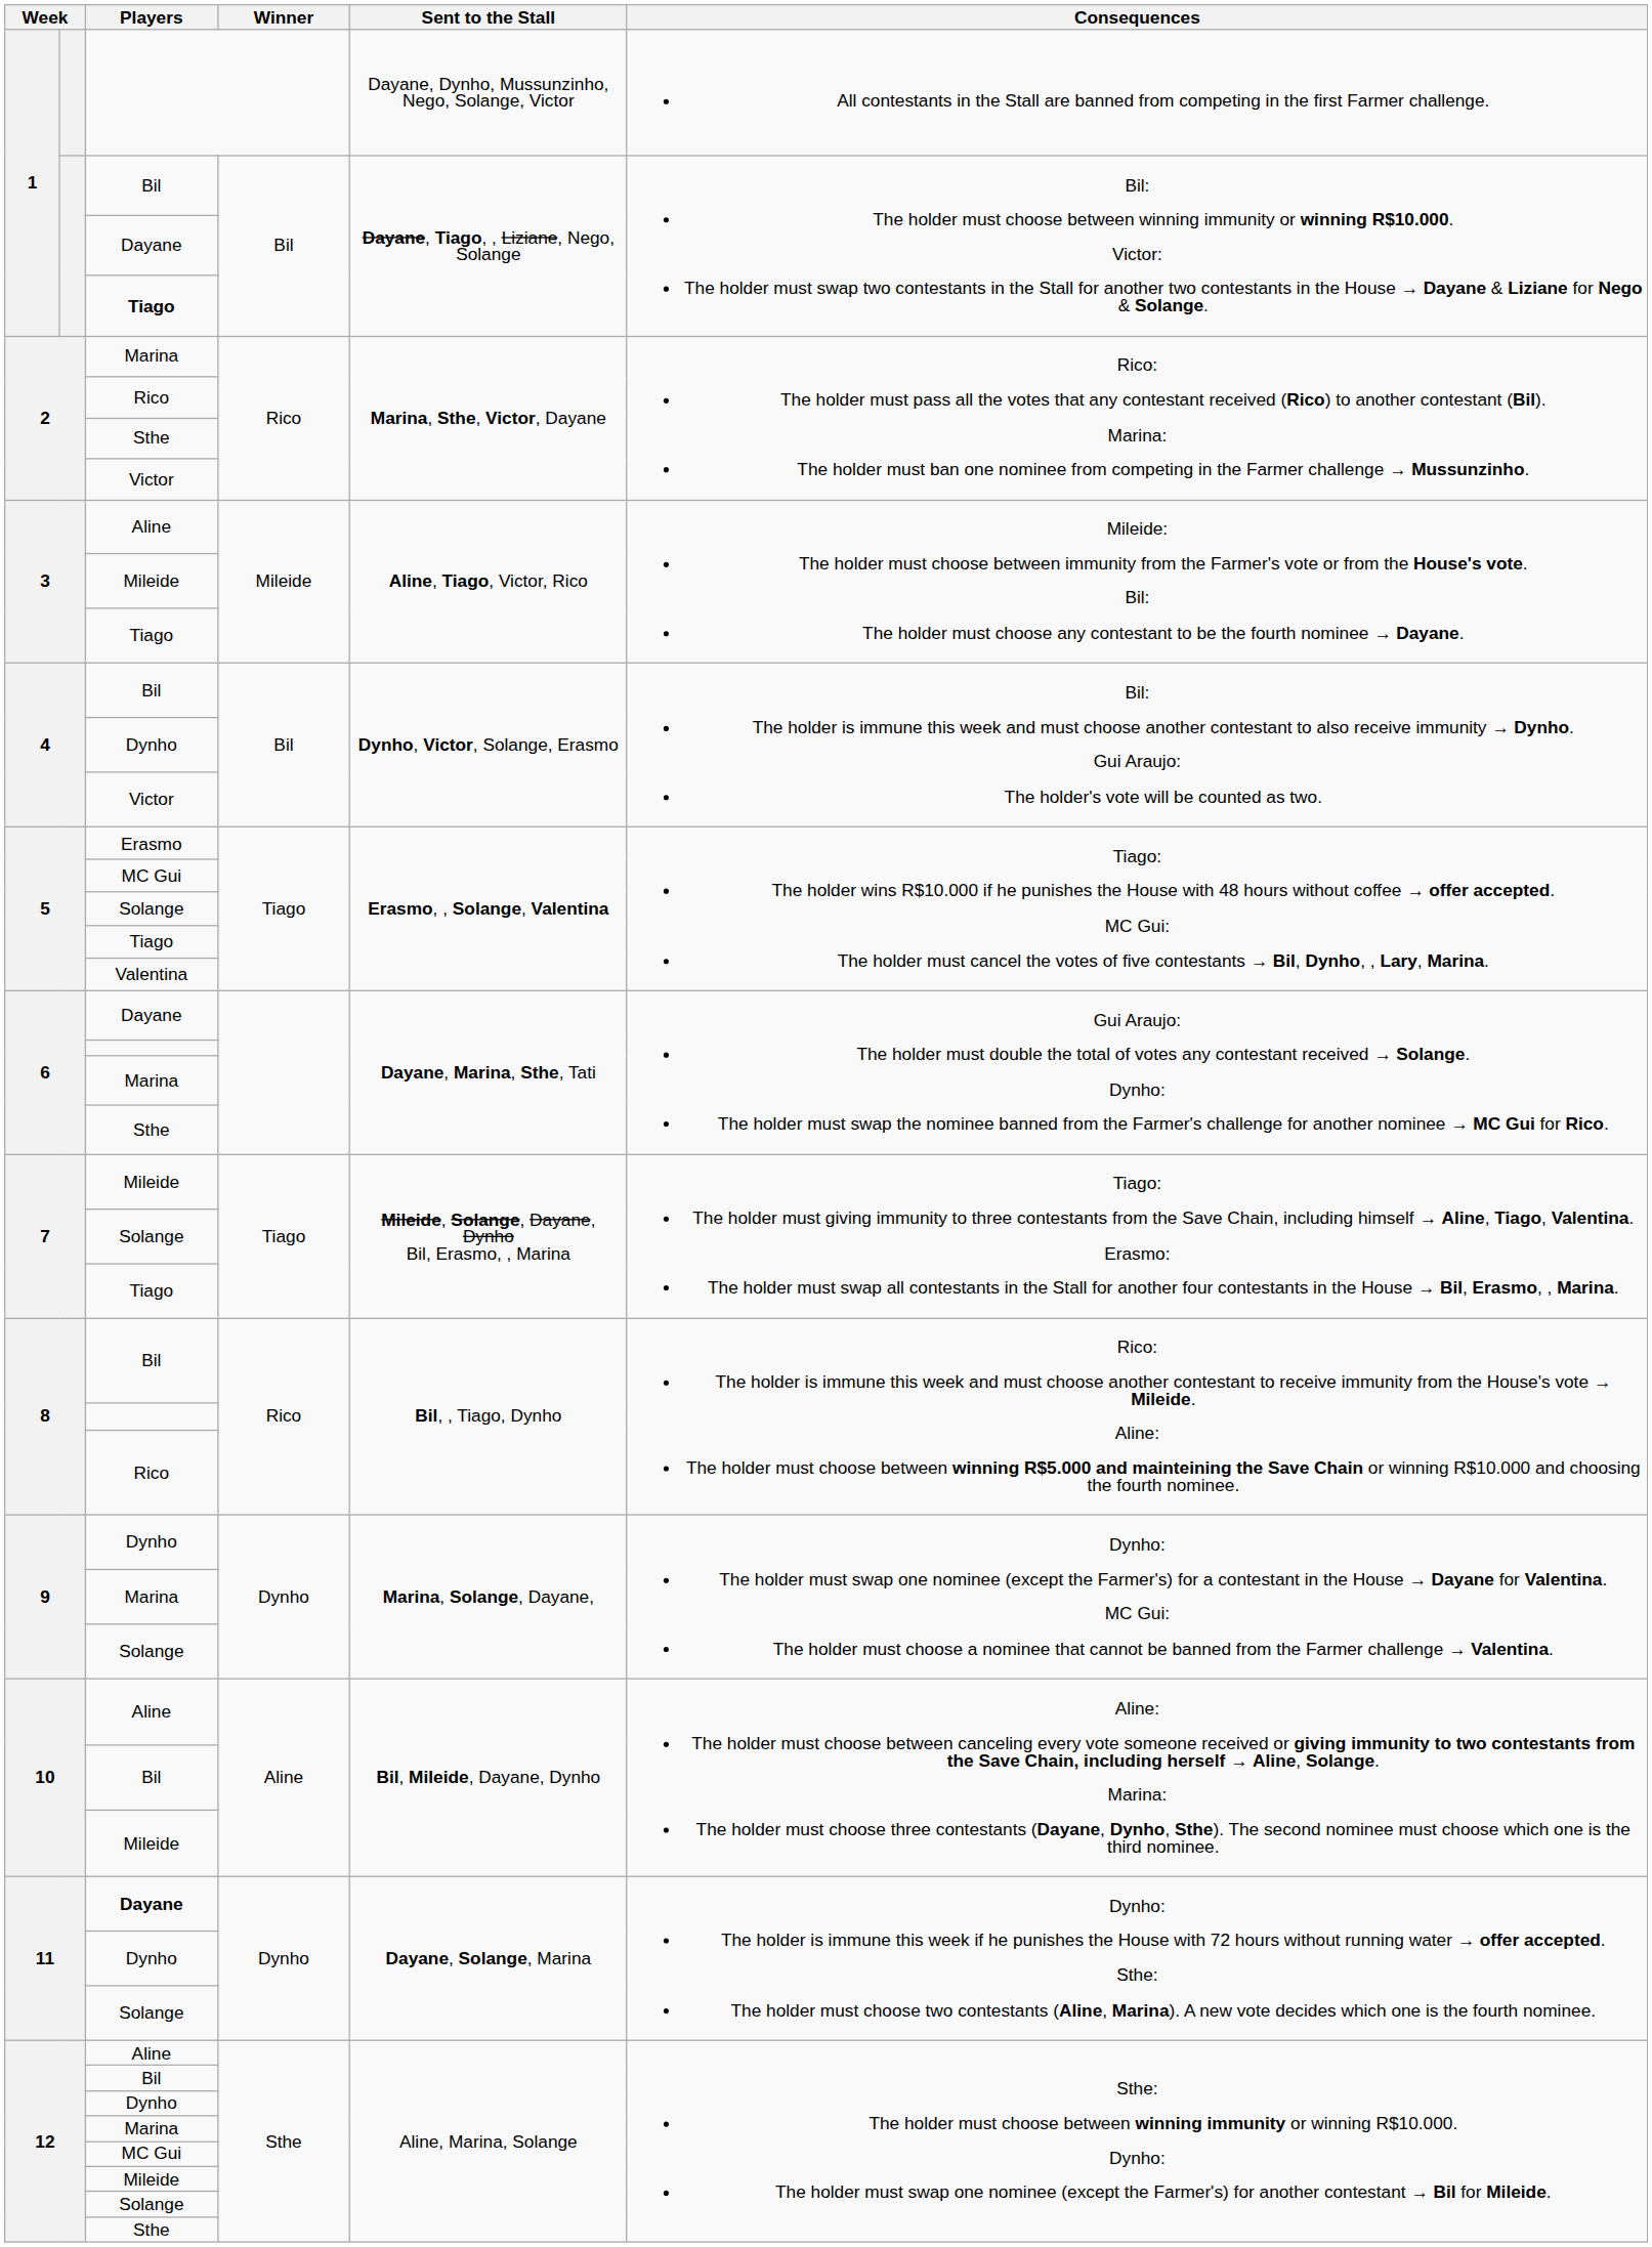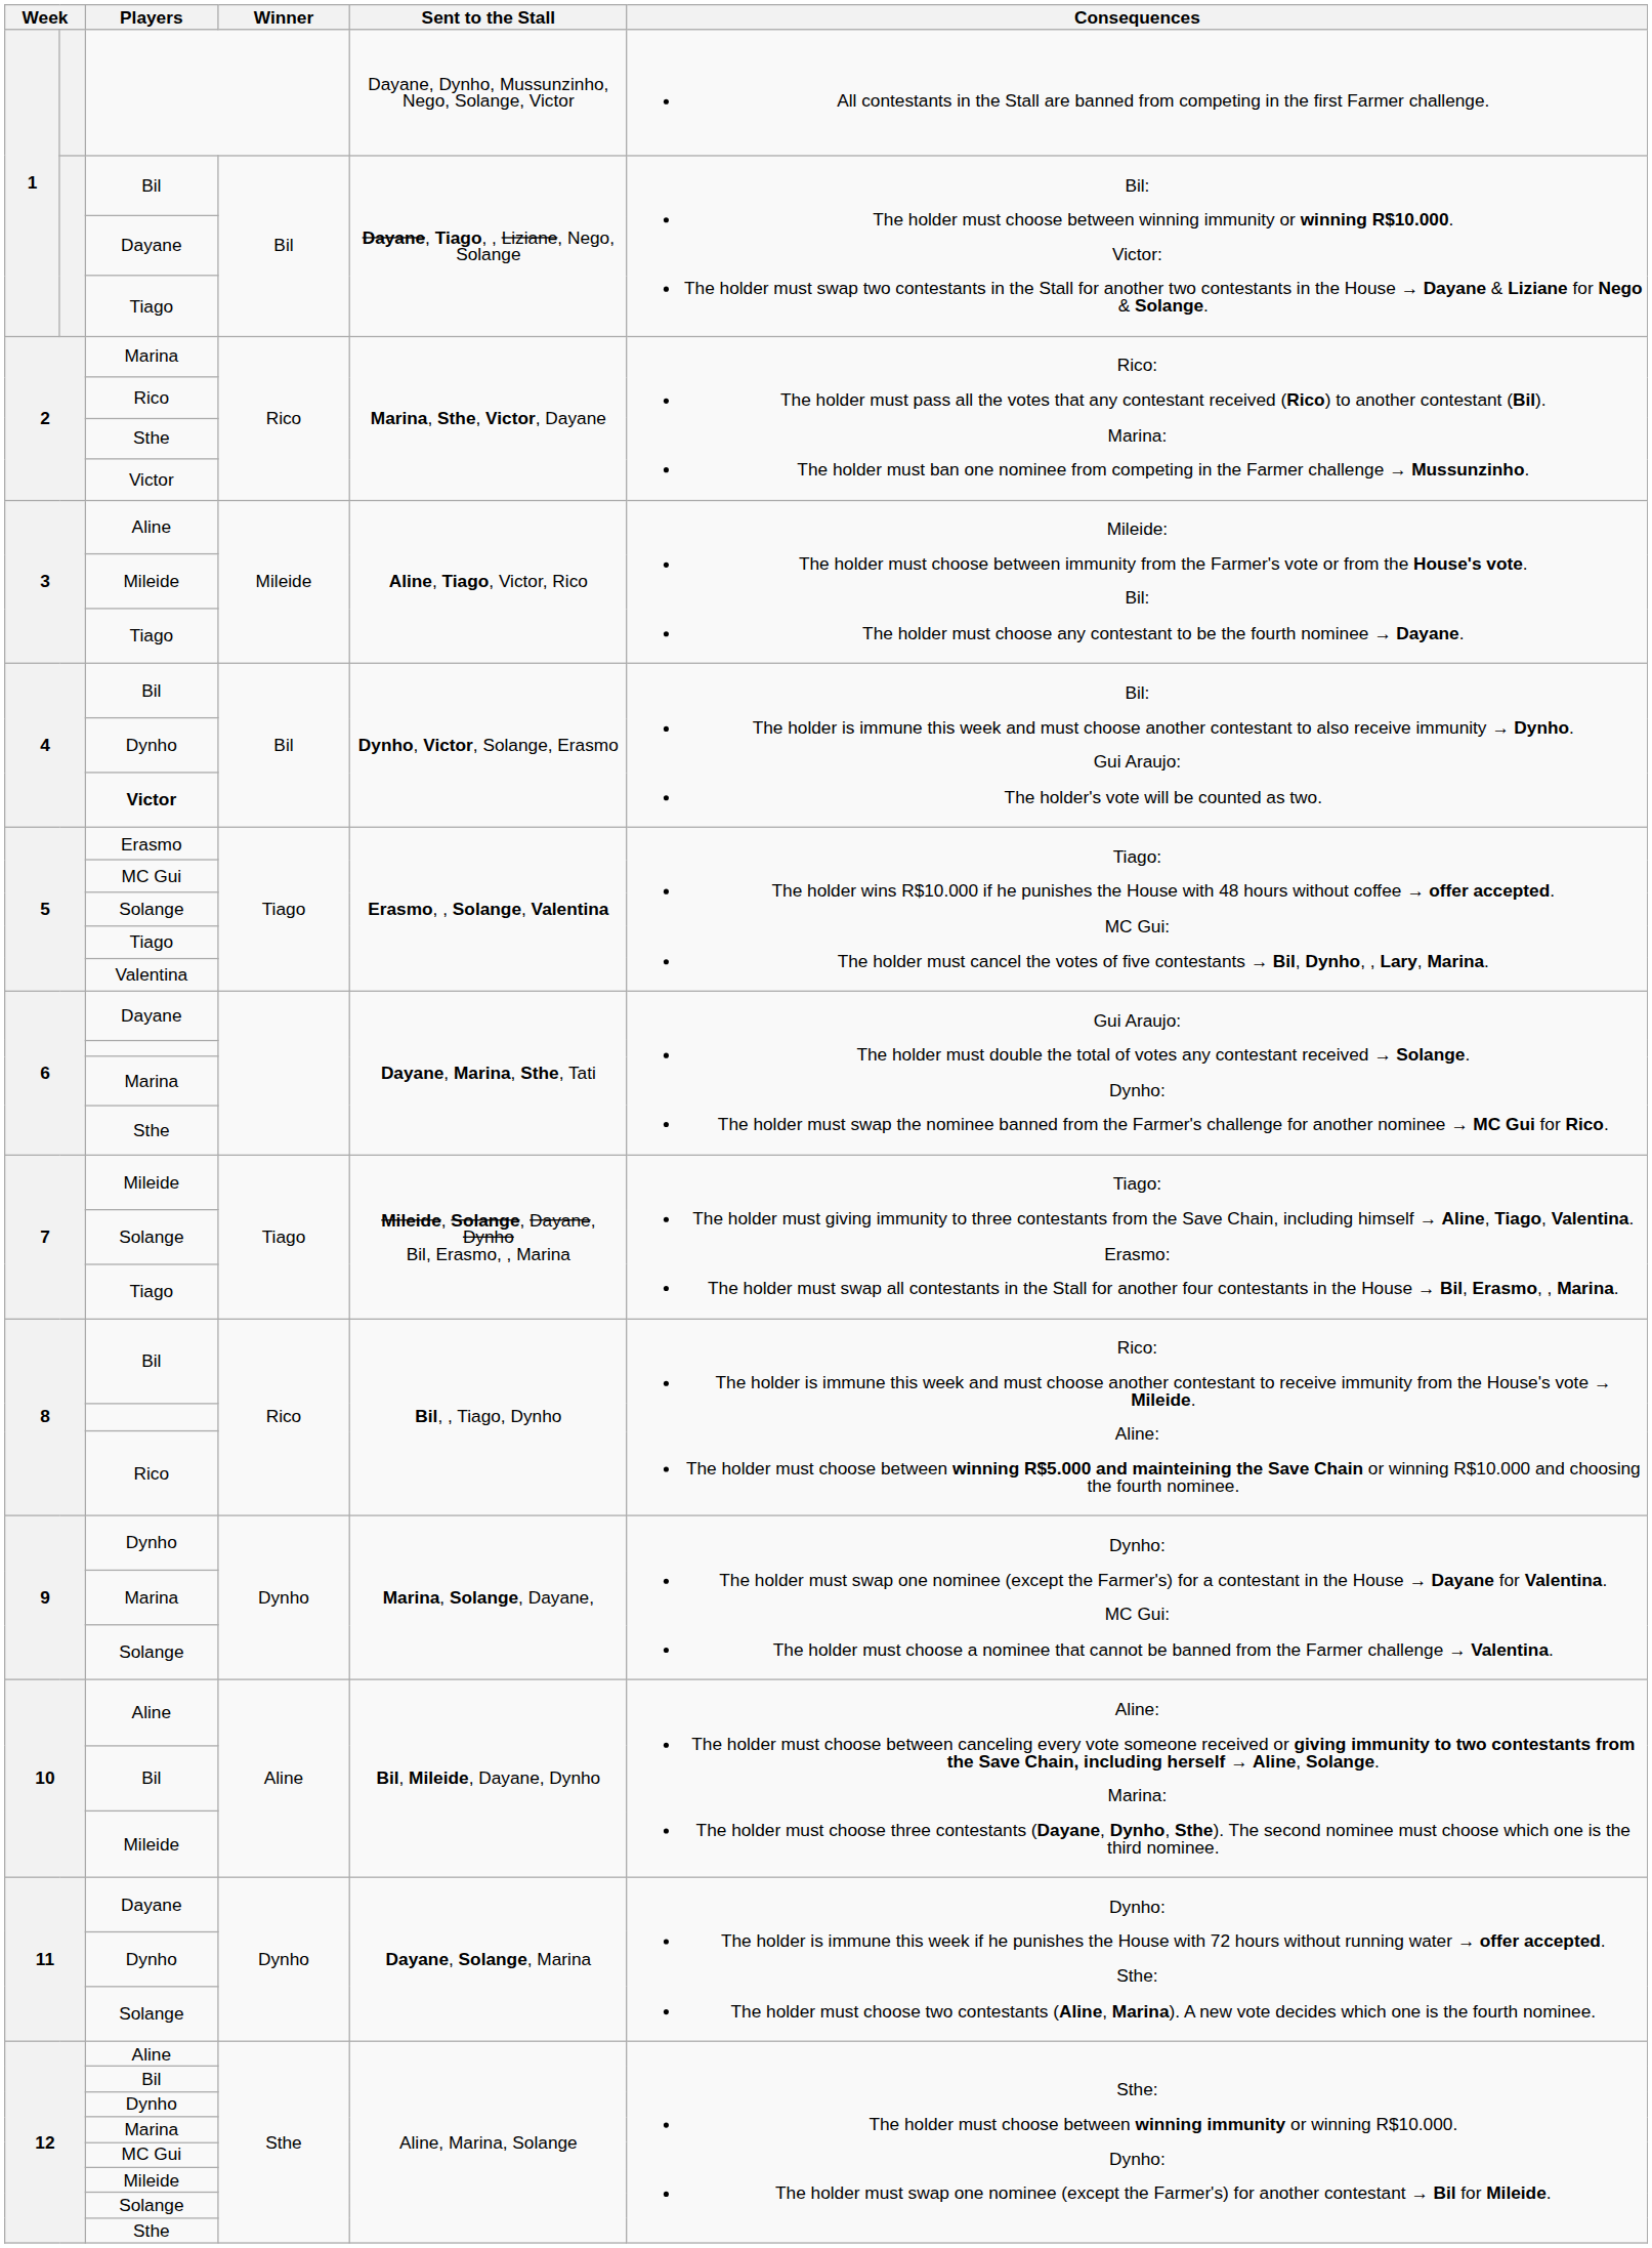 <table class="wikitable" style="text-align:center; font-size:85%; width:100%; line-height:13px;">
 <tr>
 <th width="03.00%" colspan=2>Week</th>
 <th width="05.25%">Players</th>
 <th width="05.25%">Winner</th>
 <th width="11.00%">Sent to the Stall</th>
 <th width="40.50%">Consequences</th>
 </tr>
 <tr>
 <th rowspan=4>1</th>
 <th></th>
 <td colspan=2 style="height:90px"></td>
 <td style="height:90px">Dayane, Dynho, Mussunzinho, Nego, Solange, Victor<br></td>
 <td><br><ul><li> All contestants in the Stall are banned from competing in the first Farmer challenge.</li></ul></td>
 </tr>
 <tr>
 <th rowspan=3></th>
 <td>Bil</td>
 <td rowspan=3>Bil</td>
 <td rowspan=3 style="height:90px"><s><strong>Dayane</strong></s>, <strong>Tiago</strong>, , <s>Liziane</s>, Nego, Solange</td>
 <td rowspan=3><br>Bil:<ul><li> The holder must choose between winning immunity or <strong>winning R$10.000</strong>.</li></ul>Victor:<ul><li> The holder must swap two contestants in the Stall for another two contestants in the House → <strong>Dayane</strong> & <strong>Liziane</strong> for <strong>Nego</strong> & <strong>Solange</strong>.</li></ul></td>
 </tr>
 <tr>
 <td>Dayane</td>
 </tr>
 <tr>
-<td><strong>Tiago</strong></td>
+<td>Tiago</td>
 </tr>
 <tr>
 <th rowspan=4 colspan=2>2</th>
 <td>Marina</td>
 <td rowspan=4>Rico</td>
 <td rowspan=4><strong>Marina</strong>, <strong>Sthe</strong>, <strong>Victor</strong>, Dayane</td>
 <td rowspan=4><br>Rico:<ul><li> The holder must pass all the votes that any contestant received (<strong>Rico</strong>) to another contestant (<strong>Bil</strong>).</li></ul>Marina:<ul><li> The holder must ban one nominee from competing in the Farmer challenge → <strong>Mussunzinho</strong>.</li></ul></td>
 </tr>
 <tr>
 <td>Rico</td>
 </tr>
 <tr>
 <td>Sthe</td>
 </tr>
 <tr>
 <td>Victor</td>
 </tr>
 <tr>
 <th rowspan=3 colspan=2>3</th>
 <td>Aline</td>
 <td rowspan=3>Mileide</td>
 <td rowspan=3 style="height:90px"><strong>Aline</strong>, <strong>Tiago</strong>, Victor, Rico</td>
 <td rowspan=3><br>Mileide:<ul><li> The holder must choose between immunity from the Farmer's vote or from the <strong>House's vote</strong>.</li></ul>Bil:<ul><li> The holder must choose any contestant to be the fourth nominee → <strong>Dayane</strong>.</li></ul></td>
 </tr>
 <tr>
 <td>Mileide</td>
 </tr>
 <tr>
 <td>Tiago</td>
 </tr>
 <tr>
 <th rowspan=3 colspan=2>4</th>
 <td>Bil</td>
 <td rowspan=3>Bil</td>
 <td rowspan=3 style="height:90px"><strong>Dynho</strong>, <strong>Victor</strong>, Solange, Erasmo</td>
 <td rowspan=3><br>Bil:<ul><li> The holder is immune this week and must choose another contestant to also receive immunity → <strong>Dynho</strong>.</li></ul>Gui Araujo:<ul><li> The holder's vote will be counted as two.</li></ul></td>
 </tr>
 <tr>
 <td>Dynho</td>
 </tr>
 <tr>
-<td>Victor</td>
+<td><strong>Victor</strong></td>
 </tr>
 <tr>
 <th rowspan=5 colspan=2>5</th>
 <td>Erasmo</td>
 <td rowspan=5>Tiago</td>
 <td rowspan=5 style="height:90px"><strong>Erasmo</strong>, <strong></strong>, <strong>Solange</strong>, <strong>Valentina</strong></td>
 <td rowspan=5><br>Tiago:<ul><li> The holder wins R$10.000 if he punishes the House with 48 hours without coffee → <strong>offer accepted</strong>.</li></ul>MC Gui:<ul><li> The holder must cancel the votes of five contestants → <strong>Bil</strong>, <strong>Dynho</strong>, <strong></strong>, <strong>Lary</strong>, <strong>Marina</strong>.</li></ul></td>
 </tr>
 <tr>
 <td>MC Gui</td>
 </tr>
 <tr>
 <td>Solange</td>
 </tr>
 <tr>
 <td>Tiago</td>
 </tr>
 <tr>
 <td>Valentina</td>
 </tr>
 <tr>
 <th rowspan=4 colspan=2>6</th>
 <td>Dayane</td>
 <td rowspan=4></td>
 <td rowspan=4 style="height:90px"><strong>Dayane</strong>, <strong>Marina</strong>, <strong>Sthe</strong>, Tati</td>
 <td rowspan=4><br>Gui Araujo:<ul><li> The holder must double the total of votes any contestant received → <strong>Solange</strong>.</li></ul>Dynho:<ul><li> The holder must swap the nominee banned from the Farmer's challenge for another nominee → <strong>MC Gui</strong> for <strong>Rico</strong>.</li></ul></td>
 </tr>
 <tr>
 <td></td>
 </tr>
 <tr>
 <td>Marina</td>
 </tr>
 <tr>
 <td>Sthe</td>
 </tr>
 <tr>
 <th rowspan=3 colspan=2>7</th>
 <td>Mileide</td>
 <td rowspan=3>Tiago</td>
 <td rowspan=3 style="height:90px"><s><strong>Mileide</strong></s>, <s><strong>Solange</strong></s>, <s>Dayane</s>, <s>Dynho</s><br>Bil, Erasmo, , Marina</td>
 <td rowspan=3><br>Tiago:<ul><li> The holder must giving immunity to three contestants from the Save Chain, including himself → <strong>Aline</strong>, <strong>Tiago</strong>, <strong>Valentina</strong>.</li></ul>Erasmo:<ul><li> The holder must swap all contestants in the Stall for another four contestants in the House → <strong>Bil</strong>, <strong>Erasmo</strong>, <strong></strong>, <strong>Marina</strong>.</li></ul></td>
 </tr>
 <tr>
 <td>Solange</td>
 </tr>
 <tr>
 <td>Tiago</td>
 </tr>
 <tr>
 <th rowspan=3 colspan=2>8</th>
 <td>Bil</td>
 <td rowspan=3>Rico</td>
 <td rowspan=3 style="height:90px"><strong>Bil</strong>, <strong></strong>, Tiago, Dynho</td>
 <td rowspan=3><br>Rico:<ul><li> The holder is immune this week and must choose another contestant to receive immunity from the House's vote → <strong>Mileide</strong>.</li></ul>Aline:<ul><li> The holder must choose between <strong>winning R$5.000 and mainteining the Save Chain</strong> or winning R$10.000 and choosing the fourth nominee.</li></ul></td>
 </tr>
 <tr>
 <td></td>
 </tr>
 <tr>
 <td>Rico</td>
 </tr>
 <tr>
 <th rowspan=3 colspan=2>9</th>
 <td>Dynho</td>
 <td rowspan=3>Dynho</td>
 <td rowspan=3 style="height:90px"><strong>Marina</strong>, <strong>Solange</strong>, Dayane, </td>
 <td rowspan=3><br>Dynho:<ul><li> The holder must swap one nominee (except the Farmer's) for a contestant in the House → <strong>Dayane</strong> for <strong>Valentina</strong>.</li></ul>MC Gui:<ul><li> The holder must choose a nominee that cannot be banned from the Farmer challenge → <strong>Valentina</strong>.</li></ul></td>
 </tr>
 <tr>
 <td>Marina</td>
 </tr>
 <tr>
 <td>Solange</td>
 </tr>
 <tr>
 <th rowspan=3 colspan=2>10</th>
 <td>Aline</td>
 <td rowspan=3>Aline</td>
 <td rowspan=3 style="height:90px"><strong>Bil</strong>, <strong>Mileide</strong>, Dayane, Dynho</td>
 <td rowspan=3><br>Aline:<ul><li> The holder must choose between canceling every vote someone received or <strong>giving immunity to two contestants from the Save Chain, including herself</strong> → <strong>Aline</strong>, <strong>Solange</strong>.</li></ul>Marina:<ul><li> The holder must choose three contestants (<strong>Dayane</strong>, <strong>Dynho</strong>, <strong>Sthe</strong>). The second nominee must choose which one is the third nominee.</li></ul></td>
 </tr>
 <tr>
 <td>Bil</td>
 </tr>
 <tr>
 <td>Mileide</td>
 </tr>
 <tr>
 <th rowspan=3 colspan=2>11</th>
-<td><strong>Dayane</strong></td>
+<td>Dayane</td>
 <td rowspan=3>Dynho</td>
 <td rowspan=3 style="height:90px"><strong>Dayane</strong>, <strong>Solange</strong>, Marina</td>
 <td rowspan=3><br>Dynho:<ul><li> The holder is immune this week if he punishes the House with 72 hours without running water → <strong>offer accepted</strong>.</li></ul>Sthe:<ul><li> The holder must choose two contestants (<strong>Aline</strong>, <strong>Marina</strong>). A new vote decides which one is the fourth nominee.</li></ul></td>
 </tr>
 <tr>
 <td>Dynho</td>
 </tr>
 <tr>
 <td>Solange</td>
 </tr>
 <tr>
 <th rowspan=8 colspan=2>12</th>
 <td>Aline</td>
 <td rowspan=8>Sthe</td>
 <td rowspan=8 style="height:90px">Aline, Marina, Solange</td>
 <td rowspan=8><br>Sthe:<ul><li> The holder must choose between <strong>winning immunity</strong> or winning R$10.000.</li></ul>Dynho:<ul><li> The holder must swap one nominee (except the Farmer's) for another contestant → <strong>Bil</strong> for <strong>Mileide</strong>.</li></ul></td>
 </tr>
 <tr>
 <td>Bil</td>
 </tr>
 <tr>
 <td>Dynho</td>
 </tr>
 <tr>
 <td>Marina</td>
 </tr>
 <tr>
 <td>MC Gui</td>
 </tr>
 <tr>
 <td>Mileide</td>
 </tr>
 <tr>
 <td>Solange</td>
 </tr>
 <tr>
 <td>Sthe</td>
 </tr>
 </table>
